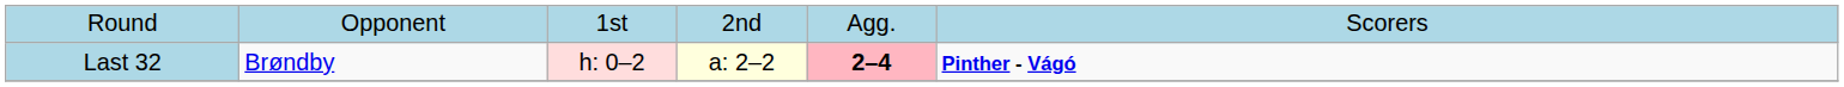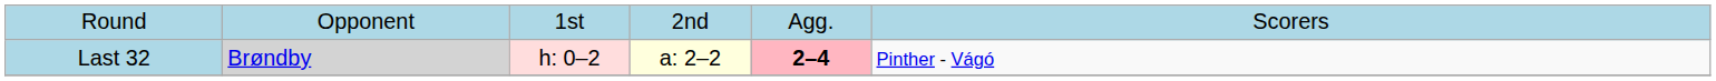 <table class="wikitable" style="text-align:center">
 <tr bgcolor=lightblue>
 <td width=150px>Round</td>
 <td width=200px>Opponent</td>
 <td width=80px>1st</td>
 <td width=80px>2nd</td>
 <td width=80px>Agg.</td>
 <td width=600px>Scorers</td>
 </tr>
 <tr>
 <td bgcolor=lightblue>Last 32</td>
-<td align=left> <a href='#'>Brøndby</a></td>
+<td align=left style="background: lightgrey;"> <a href='#'>Brøndby</a></td>
 <td bgcolor="#ffdddd">h: 0–2</td>
 <td bgcolor="#ffffdd">a: 2–2</td>
 <td bgcolor=lightpink><strong>2–4</strong></td>
-<td align=left><strong><small><a href='#'>Pinther</a> - <a href='#'>Vágó</a></small></strong></td>
+<td align=left><small><a href='#'>Pinther</a> - <a href='#'>Vágó</a></small></td>
 </tr>
 <tr>
 </tr>
 </table>
